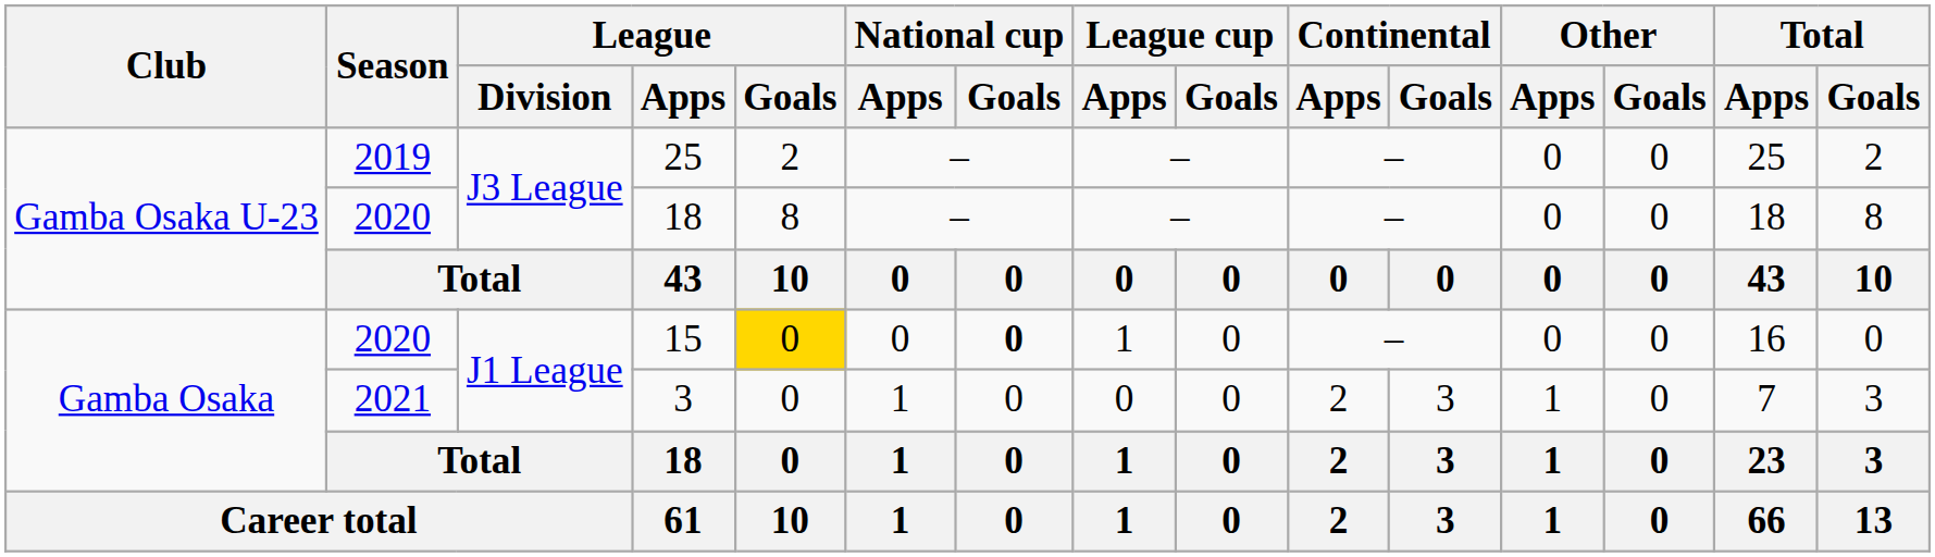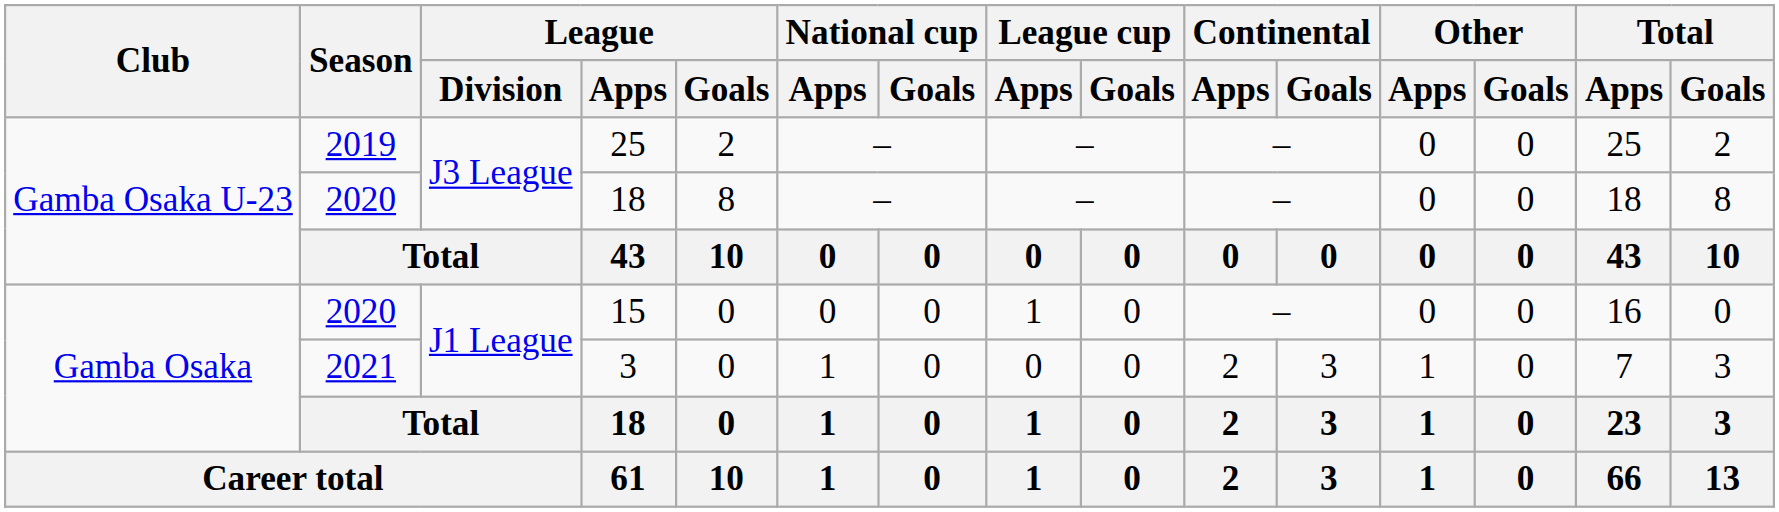 <table class="wikitable" style="text-align: center">
 <tr>
 <th rowspan="2">Club</th>
 <th rowspan="2">Season</th>
 <th colspan="3">League</th>
 <th colspan="2">National cup</th>
 <th colspan="2">League cup</th>
 <th colspan="2">Continental</th>
 <th colspan="2">Other</th>
 <th colspan="2">Total</th>
 </tr>
 <tr>
 <th>Division</th>
 <th>Apps</th>
 <th>Goals</th>
 <th>Apps</th>
 <th>Goals</th>
 <th>Apps</th>
 <th>Goals</th>
 <th>Apps</th>
 <th>Goals</th>
 <th>Apps</th>
 <th>Goals</th>
 <th>Apps</th>
 <th>Goals</th>
 </tr>
 <tr>
 <td rowspan="3"><a href='#'>Gamba Osaka U-23</a></td>
 <td><a href='#'>2019</a></td>
 <td rowspan="2"><a href='#'>J3 League</a></td>
 <td>25</td>
 <td>2</td>
 <td colspan="2">–</td>
 <td colspan="2">–</td>
 <td colspan="2">–</td>
 <td>0</td>
 <td>0</td>
 <td>25</td>
 <td>2</td>
 </tr>
 <tr>
 <td><a href='#'>2020</a></td>
 <td>18</td>
 <td>8</td>
 <td colspan="2">–</td>
 <td colspan="2">–</td>
 <td colspan="2">–</td>
 <td>0</td>
 <td>0</td>
 <td>18</td>
 <td>8</td>
 </tr>
 <tr>
 <th colspan="2">Total</th>
 <th>43</th>
 <th>10</th>
 <th>0</th>
 <th>0</th>
 <th>0</th>
 <th>0</th>
 <th>0</th>
 <th>0</th>
 <th>0</th>
 <th>0</th>
 <th>43</th>
 <th>10</th>
 </tr>
 <tr>
 <td rowspan="3"><a href='#'>Gamba Osaka</a></td>
 <td><a href='#'>2020</a></td>
 <td rowspan="2"><a href='#'>J1 League</a></td>
 <td>15</td>
-<td style="background: gold;">0</td>
 <td>0</td>
-<td><strong>0</strong></td>
+<td>0</td>
+<td>0</td>
 <td>1</td>
 <td>0</td>
 <td colspan="2">–</td>
 <td>0</td>
 <td>0</td>
 <td>16</td>
 <td>0</td>
 </tr>
 <tr>
 <td><a href='#'>2021</a></td>
 <td>3</td>
 <td>0</td>
 <td>1</td>
 <td>0</td>
 <td>0</td>
 <td>0</td>
 <td>2</td>
 <td>3</td>
 <td>1</td>
 <td>0</td>
 <td>7</td>
 <td>3</td>
 </tr>
 <tr>
 <th colspan="2">Total</th>
 <th>18</th>
 <th>0</th>
 <th>1</th>
 <th>0</th>
 <th>1</th>
 <th>0</th>
 <th>2</th>
 <th>3</th>
 <th>1</th>
 <th>0</th>
 <th>23</th>
 <th>3</th>
 </tr>
 <tr>
 <th colspan="3">Career total</th>
 <th>61</th>
 <th>10</th>
 <th>1</th>
 <th>0</th>
 <th>1</th>
 <th>0</th>
 <th>2</th>
 <th>3</th>
 <th>1</th>
 <th>0</th>
 <th>66</th>
 <th>13</th>
 </tr>
 </table>
